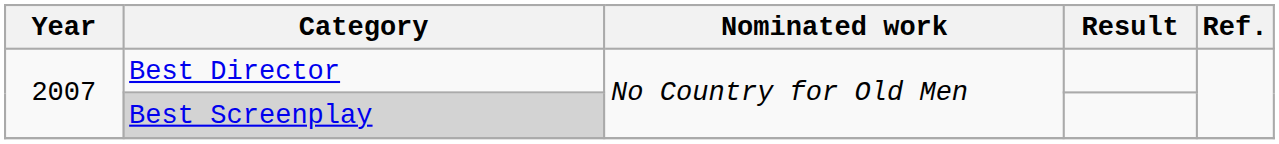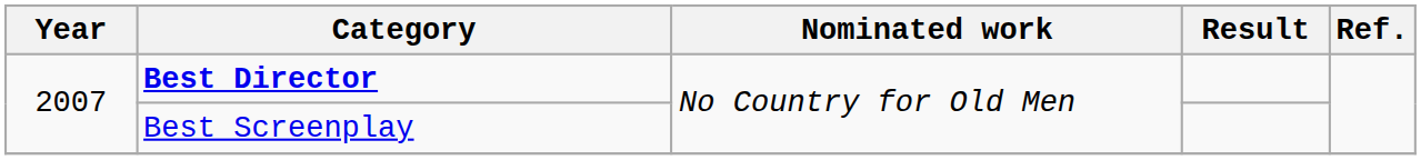 <table class="wikitable unsortable">
 <tr>
 <th scope="col" style="width:5em;">Year</th>
 <th scope="col" style="width:26em;">Category</th>
 <th scope="col" style="width:25em;">Nominated work</th>
 <th scope="col" style="width:5em;">Result</th>
 <th class=unsortable>Ref.</th>
 </tr>
 <tr>
 <td style="text-align:center;", rowspan=2>2007</td>
-<td><a href='#'>Best Director</a></td>
+<td><strong><a href='#'>Best Director</a></strong></td>
 <td rowspan=2><em>No Country for Old Men</em></td>
 <td></td>
 <td rowspan=2></td>
 </tr>
 <tr>
-<td style="background: lightgrey;"><a href='#'>Best Screenplay</a></td>
+<td><a href='#'>Best Screenplay</a></td>
 <td></td>
 </tr>
 <tr>
 </tr>
 </table>
